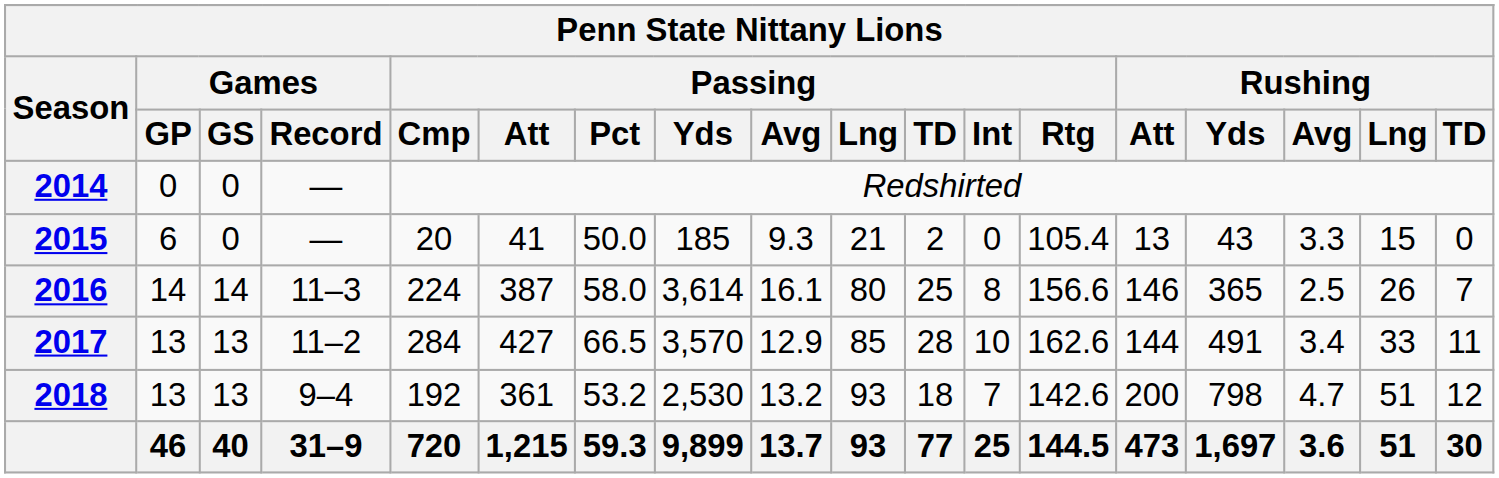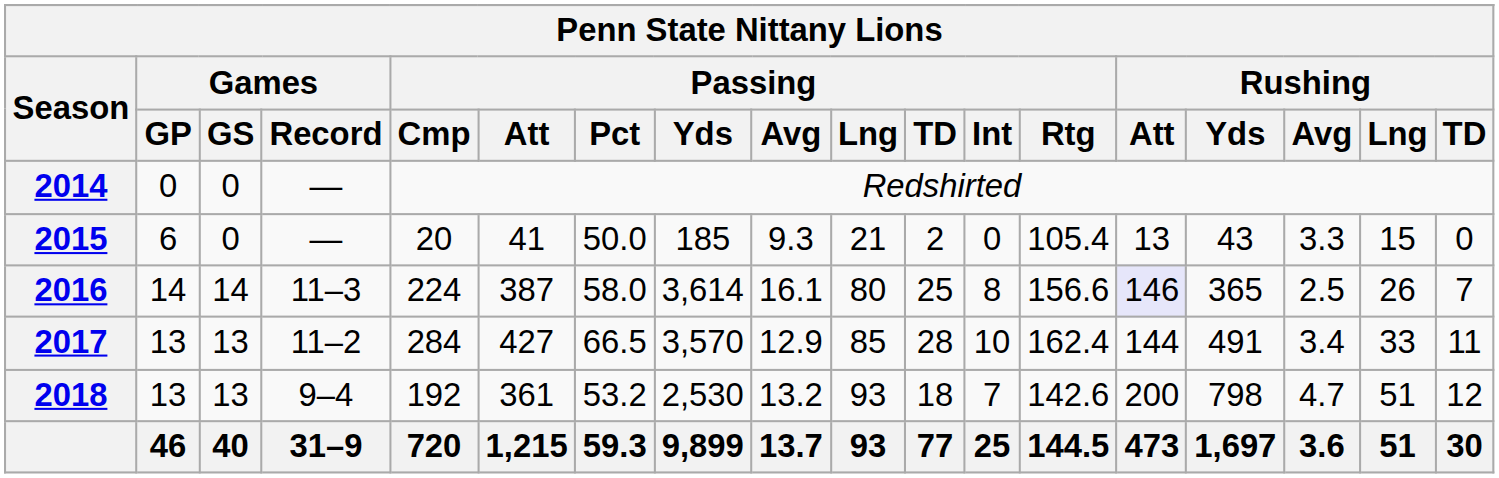 <table class=wikitable style="text-align:center;">
 <tr>
 </tr>
 <tr>
 <th colspan="18">Penn State Nittany Lions</th>
 </tr>
 <tr>
 <th rowspan="2">Season</th>
 <th colspan="3">Games</th>
 <th colspan="9">Passing</th>
 <th colspan="5">Rushing</th>
 </tr>
 <tr>
 <th>GP</th>
 <th>GS</th>
 <th>Record</th>
 <th>Cmp</th>
 <th>Att</th>
 <th>Pct</th>
 <th>Yds</th>
 <th>Avg</th>
 <th>Lng</th>
 <th>TD</th>
 <th>Int</th>
 <th>Rtg</th>
 <th>Att</th>
 <th>Yds</th>
 <th>Avg</th>
 <th>Lng</th>
 <th>TD</th>
 </tr>
 <tr>
 <th><a href='#'>2014</a></th>
 <td>0</td>
 <td>0</td>
 <td>—</td>
 <td colspan="14"><em>Redshirted </em></td>
 </tr>
 <tr>
 <th><a href='#'>2015</a></th>
 <td>6</td>
 <td>0</td>
 <td>—</td>
 <td>20</td>
 <td>41</td>
 <td>50.0</td>
 <td>185</td>
 <td>9.3</td>
 <td>21</td>
 <td>2</td>
 <td>0</td>
 <td>105.4</td>
 <td>13</td>
 <td>43</td>
 <td>3.3</td>
 <td>15</td>
 <td>0</td>
 </tr>
 <tr>
 <th><a href='#'>2016</a></th>
 <td>14</td>
 <td>14</td>
 <td>11–3</td>
 <td>224</td>
 <td>387</td>
 <td>58.0</td>
 <td>3,614</td>
 <td>16.1</td>
 <td>80</td>
 <td>25</td>
 <td>8</td>
 <td>156.6</td>
-<td>146</td>
+<td style="background: lavender;">146</td>
 <td>365</td>
 <td>2.5</td>
 <td>26</td>
 <td>7</td>
 </tr>
 <tr>
 <th><a href='#'>2017</a></th>
 <td>13</td>
 <td>13</td>
 <td>11–2</td>
 <td>284</td>
 <td>427</td>
 <td>66.5</td>
 <td>3,570</td>
 <td>12.9</td>
 <td>85</td>
 <td>28</td>
 <td>10</td>
-<td>162.6</td>
+<td>162.4</td>
 <td>144</td>
 <td>491</td>
 <td>3.4</td>
 <td>33</td>
 <td>11</td>
 </tr>
 <tr>
 <th><a href='#'>2018</a></th>
 <td>13</td>
 <td>13</td>
 <td>9–4</td>
 <td>192</td>
 <td>361</td>
 <td>53.2</td>
 <td>2,530</td>
 <td>13.2</td>
 <td>93</td>
 <td>18</td>
 <td>7</td>
 <td>142.6</td>
 <td>200</td>
 <td>798</td>
 <td>4.7</td>
 <td>51</td>
 <td>12</td>
 </tr>
 <tr>
 <th></th>
 <th>46</th>
 <th>40</th>
 <th>31–9</th>
 <th>720</th>
 <th>1,215</th>
 <th>59.3</th>
 <th>9,899</th>
 <th>13.7</th>
 <th>93</th>
 <th>77</th>
 <th>25</th>
 <th>144.5</th>
 <th>473</th>
 <th>1,697</th>
 <th>3.6</th>
 <th>51</th>
 <th>30</th>
 </tr>
 </table>
